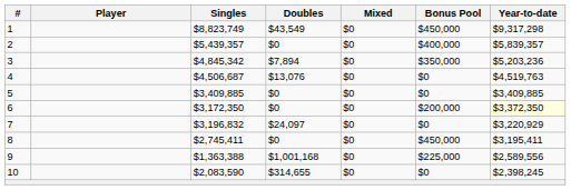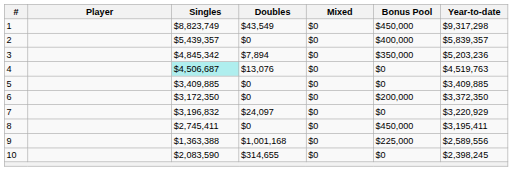 <table class="wikitable collapsible collapsed" style="margin:1em auto; font-size:90%">
 <tr>
 <th style="width:30px;">#</th>
 <th style="width:222px;">Player</th>
 <th style="width:100px;">Singles</th>
 <th style="width:100px;">Doubles</th>
 <th style="width:100px;">Mixed</th>
 <th style="width:100px;">Bonus Pool</th>
 <th style="width:100px;">Year-to-date</th>
 </tr>
 <tr style="text-align:left;">
 <td>1</td>
 <td style="text-align:left;"></td>
 <td>$8,823,749</td>
 <td>$43,549</td>
 <td>$0</td>
 <td>$450,000</td>
 <td>$9,317,298</td>
 </tr>
 <tr style="text-align:left;">
 <td>2</td>
 <td style="text-align:left;"></td>
 <td>$5,439,357</td>
 <td>$0</td>
 <td>$0</td>
 <td>$400,000</td>
 <td>$5,839,357</td>
 </tr>
 <tr style="text-align:left;">
 <td>3</td>
 <td style="text-align:left;"></td>
 <td>$4,845,342</td>
 <td>$7,894</td>
 <td>$0</td>
 <td>$350,000</td>
 <td>$5,203,236</td>
 </tr>
 <tr style="text-align:left;">
 <td>4</td>
 <td style="text-align:left;"></td>
-<td>$4,506,687</td>
+<td style="background: paleturquoise;">$4,506,687</td>
 <td>$13,076</td>
 <td>$0</td>
 <td>$0</td>
 <td>$4,519,763</td>
 </tr>
 <tr style="text-align:left;">
 <td>5</td>
 <td style="text-align:left;"></td>
 <td>$3,409,885</td>
 <td>$0</td>
 <td>$0</td>
 <td>$0</td>
 <td>$3,409,885</td>
 </tr>
 <tr style="text-align:left;">
 <td>6</td>
 <td style="text-align:left;"></td>
 <td>$3,172,350</td>
 <td>$0</td>
 <td>$0</td>
 <td>$200,000</td>
-<td style="background: lightyellow;">$3,372,350</td>
+<td>$3,372,350</td>
 </tr>
 <tr style="text-align:left;">
 <td>7</td>
 <td style="text-align:left;"></td>
 <td>$3,196,832</td>
 <td>$24,097</td>
 <td>$0</td>
 <td>$0</td>
 <td>$3,220,929</td>
 </tr>
 <tr style="text-align:left;">
 <td>8</td>
 <td style="text-align:left;"></td>
 <td>$2,745,411</td>
 <td>$0</td>
 <td>$0</td>
 <td>$450,000</td>
 <td>$3,195,411</td>
 </tr>
 <tr style="text-align:left;">
 <td>9</td>
 <td style="text-align:left;"></td>
 <td>$1,363,388</td>
 <td>$1,001,168</td>
 <td>$0</td>
 <td>$225,000</td>
 <td>$2,589,556</td>
 </tr>
 <tr style="text-align:left;">
 <td>10</td>
 <td style="text-align:left;"></td>
 <td>$2,083,590</td>
 <td>$314,655</td>
 <td>$0</td>
 <td>$0</td>
 <td>$2,398,245</td>
 </tr>
 <tr class="sortbottom">
 <th colspan=7></th>
 </tr>
 </table>
